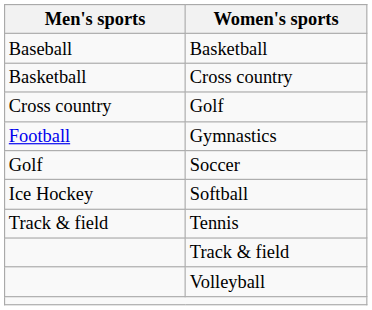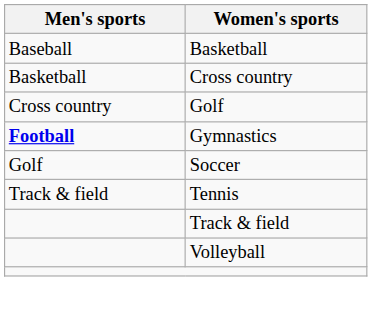 <table class="wikitable" style=" ">
 <tr>
 <th width=150px>Men's sports</th>
 <th width=150px>Women's sports</th>
 </tr>
 <tr>
 <td>Baseball</td>
 <td>Basketball</td>
 </tr>
 <tr>
 <td>Basketball</td>
 <td>Cross country</td>
 </tr>
 <tr>
 <td>Cross country</td>
 <td>Golf</td>
 </tr>
 <tr>
-<td><a href='#'>Football</a></td>
+<td><strong><a href='#'>Football</a></strong></td>
 <td>Gymnastics</td>
 </tr>
 <tr>
 <td>Golf</td>
 <td>Soccer</td>
-</tr>
-<tr>
-<td>Ice Hockey</td>
-<td>Softball</td>
 </tr>
 <tr>
 <td>Track & field</td>
 <td>Tennis</td>
 </tr>
 <tr>
 <td></td>
 <td>Track & field</td>
 </tr>
 <tr>
 <td></td>
 <td>Volleyball</td>
 </tr>
 <tr>
 <td colspan="2"></td>
 </tr>
 </table>
